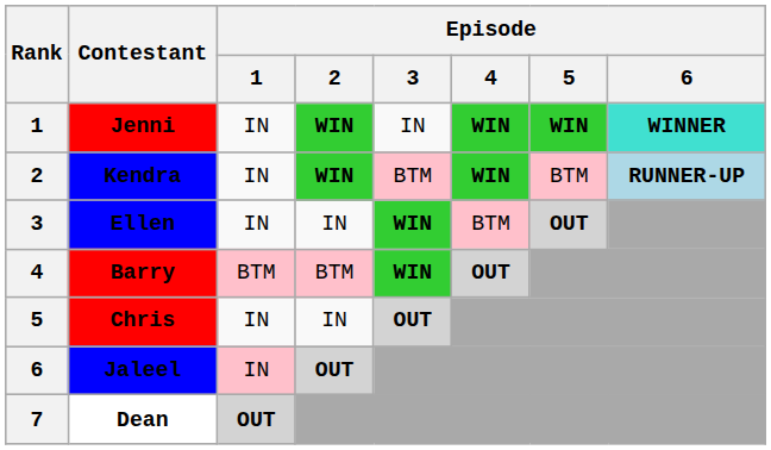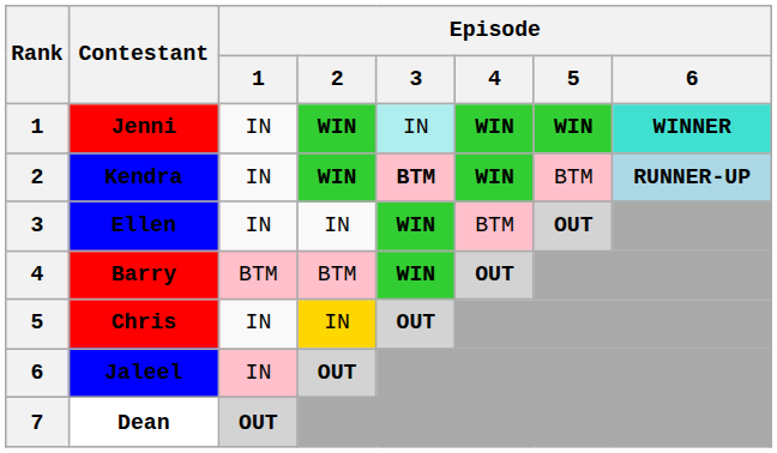 <table class="wikitable" style="text-align: center; font-size: 8.5pt; line-height:20px; width:400px;">
 <tr>
 <th rowspan=2>Rank</th>
 <th rowspan=2 width=20%>Contestant</th>
 <th colspan=6>Episode</th>
 </tr>
 <tr>
 <th width=11.43%>1</th>
 <th width=11.43%>2</th>
 <th width=11.43%>3</th>
 <th width=11.43%>4</th>
 <th width=11.43%>5</th>
 <th width=22.86%>6</th>
 </tr>
 <tr>
 <th>1</th>
 <td style="background:red"><span><strong>Jenni</strong></span></td>
 <td>IN</td>
 <td style="background:limegreen;"><strong>WIN</strong></td>
-<td>IN</td>
+<td style="background: paleturquoise;">IN</td>
 <td style="background:limegreen;"><strong>WIN</strong></td>
 <td style="background:limegreen;"><strong>WIN</strong></td>
 <td style="background:turquoise;"><strong>WINNER</strong></td>
 </tr>
 <tr>
 <th>2</th>
 <td style="background:blue"><span><strong>Kendra</strong></span></td>
 <td>IN</td>
 <td style="background:limegreen;"><strong>WIN</strong></td>
-<td style="background:pink;">BTM</td>
+<td style="background:pink;"><strong>BTM</strong></td>
 <td style="background:limegreen;"><strong>WIN</strong></td>
 <td style="background:pink;">BTM</td>
 <td style="background:lightblue;"><strong>RUNNER-UP</strong></td>
 </tr>
 <tr>
 <th>3</th>
 <td style="background:blue"><span><strong>Ellen</strong></span></td>
 <td>IN</td>
 <td>IN</td>
 <td style="background:limegreen;"><strong>WIN</strong></td>
 <td style="background:pink;">BTM</td>
 <td style="background:lightgray;"><strong>OUT</strong></td>
 <td colspan="8" style="background:darkgrey;"></td>
 </tr>
 <tr>
 <th>4</th>
 <td style="background:red"><span><strong>Barry</strong></span></td>
 <td style="background:pink;">BTM</td>
 <td style="background:pink;">BTM</td>
 <td style="background:limegreen;"><strong>WIN</strong></td>
 <td style="background:lightgray;"><strong>OUT</strong></td>
 <td colspan="8" style="background:darkgrey;"></td>
 </tr>
 <tr>
 <th>5</th>
 <td style="background:red"><span><strong>Chris</strong></span></td>
 <td>IN</td>
-<td>IN</td>
+<td style="background: gold;">IN</td>
 <td style="background:lightgray;"><strong>OUT</strong></td>
 <td colspan="10" style="background:darkgrey;"></td>
 </tr>
 <tr>
 <th>6</th>
 <td style="background:blue"><span><strong>Jaleel</strong></span></td>
 <td style="background: pink;">IN</td>
 <td style="background:lightgray;"><strong>OUT</strong></td>
 <td colspan="10" style="background:darkgrey;"></td>
 </tr>
 <tr>
 <th>7</th>
 <td style="background:white"><span><strong>Dean</strong></span></td>
 <td style="background:lightgray;"><strong>OUT</strong></td>
 <td colspan="10" style="background:darkgrey;"></td>
 </tr>
 </table>
